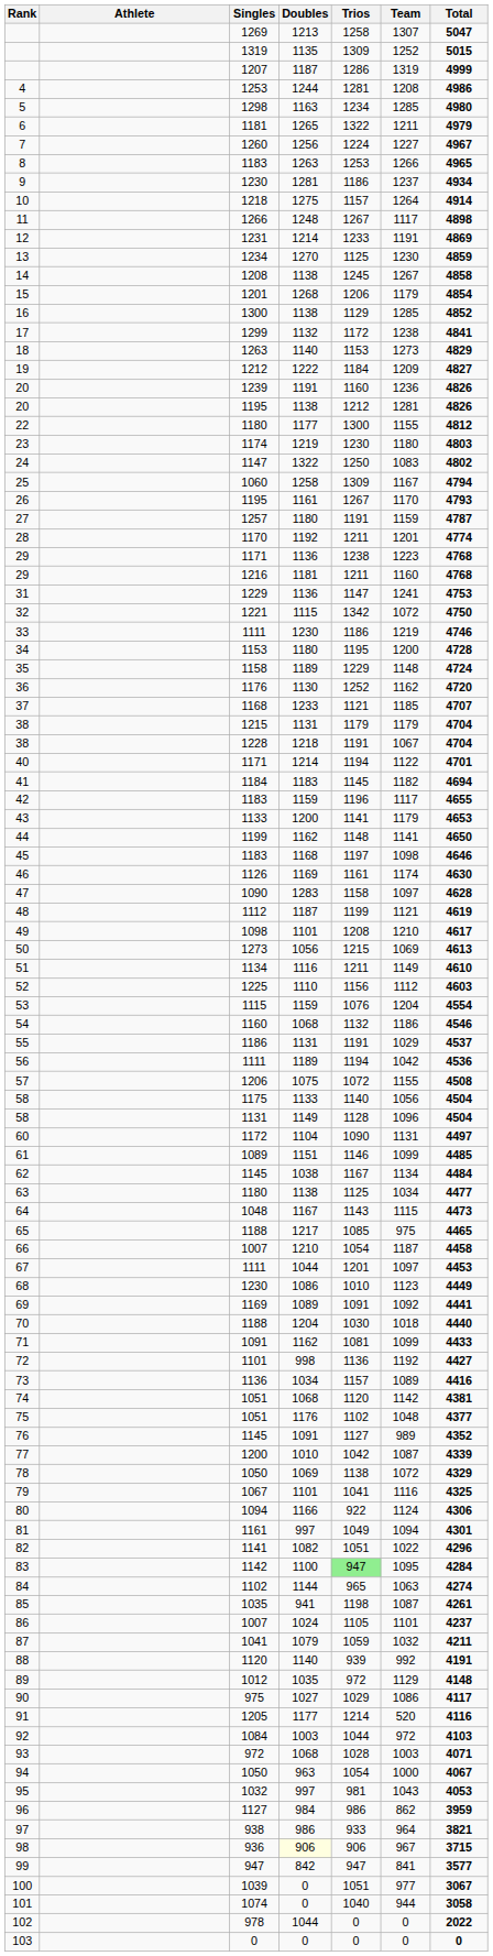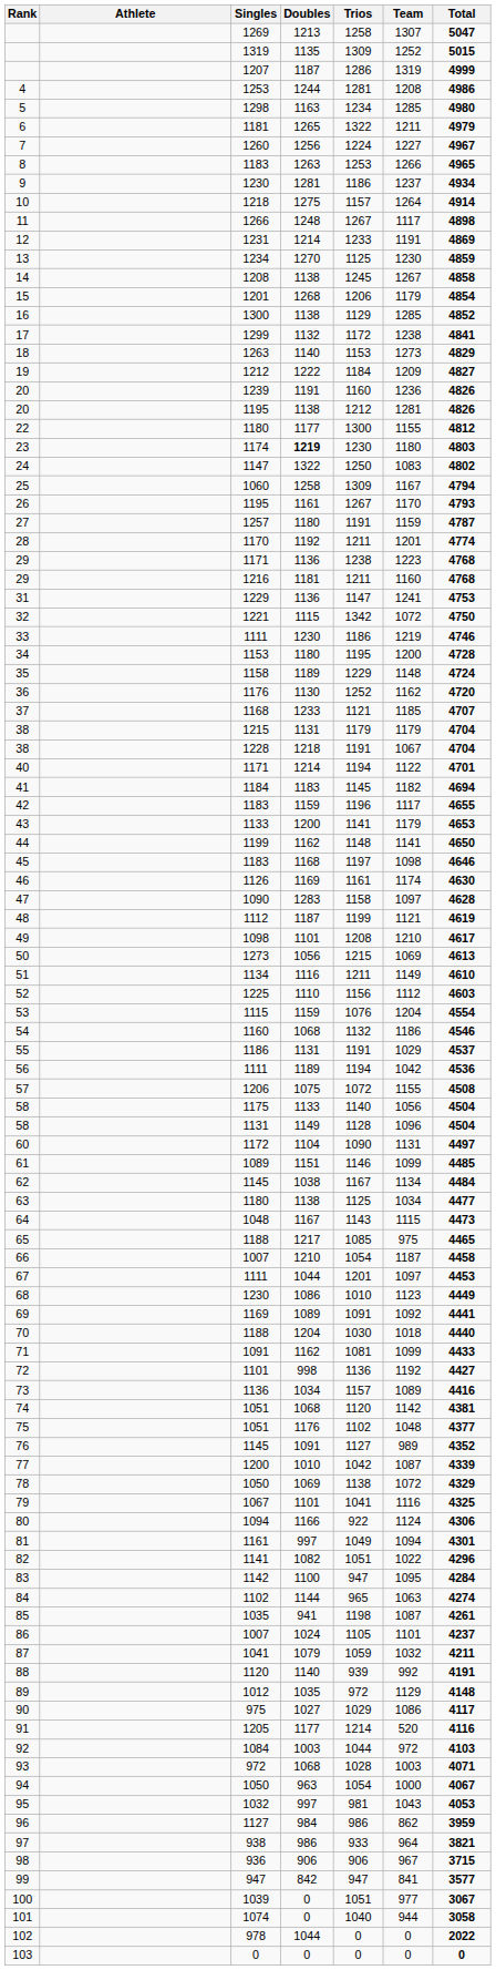 <table class=wikitable style="text-align:center">
 <tr>
 <th width=40>Rank</th>
 <th width=250>Athlete</th>
 <th width=60>Singles</th>
 <th width=60>Doubles</th>
 <th width=60>Trios</th>
 <th width=60>Team</th>
 <th width=70>Total</th>
 </tr>
 <tr>
 <td></td>
 <td align=left></td>
 <td>1269</td>
 <td>1213</td>
 <td>1258</td>
 <td>1307</td>
 <td><strong>5047</strong></td>
 </tr>
 <tr>
 <td></td>
 <td align=left></td>
 <td>1319</td>
 <td>1135</td>
 <td>1309</td>
 <td>1252</td>
 <td><strong>5015</strong></td>
 </tr>
 <tr>
 <td></td>
 <td align=left></td>
 <td>1207</td>
 <td>1187</td>
 <td>1286</td>
 <td>1319</td>
 <td><strong>4999</strong></td>
 </tr>
 <tr>
 <td>4</td>
 <td align=left></td>
 <td>1253</td>
 <td>1244</td>
 <td>1281</td>
 <td>1208</td>
 <td><strong>4986</strong></td>
 </tr>
 <tr>
 <td>5</td>
 <td align=left></td>
 <td>1298</td>
 <td>1163</td>
 <td>1234</td>
 <td>1285</td>
 <td><strong>4980</strong></td>
 </tr>
 <tr>
 <td>6</td>
 <td align=left></td>
 <td>1181</td>
 <td>1265</td>
 <td>1322</td>
 <td>1211</td>
 <td><strong>4979</strong></td>
 </tr>
 <tr>
 <td>7</td>
 <td align=left></td>
 <td>1260</td>
 <td>1256</td>
 <td>1224</td>
 <td>1227</td>
 <td><strong>4967</strong></td>
 </tr>
 <tr>
 <td>8</td>
 <td align=left></td>
 <td>1183</td>
 <td>1263</td>
 <td>1253</td>
 <td>1266</td>
 <td><strong>4965</strong></td>
 </tr>
 <tr>
 <td>9</td>
 <td align=left></td>
 <td>1230</td>
 <td>1281</td>
 <td>1186</td>
 <td>1237</td>
 <td><strong>4934</strong></td>
 </tr>
 <tr>
 <td>10</td>
 <td align=left></td>
 <td>1218</td>
 <td>1275</td>
 <td>1157</td>
 <td>1264</td>
 <td><strong>4914</strong></td>
 </tr>
 <tr>
 <td>11</td>
 <td align=left></td>
 <td>1266</td>
 <td>1248</td>
 <td>1267</td>
 <td>1117</td>
 <td><strong>4898</strong></td>
 </tr>
 <tr>
 <td>12</td>
 <td align=left></td>
 <td>1231</td>
 <td>1214</td>
 <td>1233</td>
 <td>1191</td>
 <td><strong>4869</strong></td>
 </tr>
 <tr>
 <td>13</td>
 <td align=left></td>
 <td>1234</td>
 <td>1270</td>
 <td>1125</td>
 <td>1230</td>
 <td><strong>4859</strong></td>
 </tr>
 <tr>
 <td>14</td>
 <td align=left></td>
 <td>1208</td>
 <td>1138</td>
 <td>1245</td>
 <td>1267</td>
 <td><strong>4858</strong></td>
 </tr>
 <tr>
 <td>15</td>
 <td align=left></td>
 <td>1201</td>
 <td>1268</td>
 <td>1206</td>
 <td>1179</td>
 <td><strong>4854</strong></td>
 </tr>
 <tr>
 <td>16</td>
 <td align=left></td>
 <td>1300</td>
 <td>1138</td>
 <td>1129</td>
 <td>1285</td>
 <td><strong>4852</strong></td>
 </tr>
 <tr>
 <td>17</td>
 <td align=left></td>
 <td>1299</td>
 <td>1132</td>
 <td>1172</td>
 <td>1238</td>
 <td><strong>4841</strong></td>
 </tr>
 <tr>
 <td>18</td>
 <td align=left></td>
 <td>1263</td>
 <td>1140</td>
 <td>1153</td>
 <td>1273</td>
 <td><strong>4829</strong></td>
 </tr>
 <tr>
 <td>19</td>
 <td align=left></td>
 <td>1212</td>
 <td>1222</td>
 <td>1184</td>
 <td>1209</td>
 <td><strong>4827</strong></td>
 </tr>
 <tr>
 <td>20</td>
 <td align=left></td>
 <td>1239</td>
 <td>1191</td>
 <td>1160</td>
 <td>1236</td>
 <td><strong>4826</strong></td>
 </tr>
 <tr>
 <td>20</td>
 <td align=left></td>
 <td>1195</td>
 <td>1138</td>
 <td>1212</td>
 <td>1281</td>
 <td><strong>4826</strong></td>
 </tr>
 <tr>
 <td>22</td>
 <td align=left></td>
 <td>1180</td>
 <td>1177</td>
 <td>1300</td>
 <td>1155</td>
 <td><strong>4812</strong></td>
 </tr>
 <tr>
 <td>23</td>
 <td align=left></td>
 <td>1174</td>
-<td>1219</td>
+<td><strong>1219</strong></td>
 <td>1230</td>
 <td>1180</td>
 <td><strong>4803</strong></td>
 </tr>
 <tr>
 <td>24</td>
 <td align=left></td>
 <td>1147</td>
 <td>1322</td>
 <td>1250</td>
 <td>1083</td>
 <td><strong>4802</strong></td>
 </tr>
 <tr>
 <td>25</td>
 <td align=left></td>
 <td>1060</td>
 <td>1258</td>
 <td>1309</td>
 <td>1167</td>
 <td><strong>4794</strong></td>
 </tr>
 <tr>
 <td>26</td>
 <td align=left></td>
 <td>1195</td>
 <td>1161</td>
 <td>1267</td>
 <td>1170</td>
 <td><strong>4793</strong></td>
 </tr>
 <tr>
 <td>27</td>
 <td align=left></td>
 <td>1257</td>
 <td>1180</td>
 <td>1191</td>
 <td>1159</td>
 <td><strong>4787</strong></td>
 </tr>
 <tr>
 <td>28</td>
 <td align=left></td>
 <td>1170</td>
 <td>1192</td>
 <td>1211</td>
 <td>1201</td>
 <td><strong>4774</strong></td>
 </tr>
 <tr>
 <td>29</td>
 <td align=left></td>
 <td>1171</td>
 <td>1136</td>
 <td>1238</td>
 <td>1223</td>
 <td><strong>4768</strong></td>
 </tr>
 <tr>
 <td>29</td>
 <td align=left></td>
 <td>1216</td>
 <td>1181</td>
 <td>1211</td>
 <td>1160</td>
 <td><strong>4768</strong></td>
 </tr>
 <tr>
 <td>31</td>
 <td align=left></td>
 <td>1229</td>
 <td>1136</td>
 <td>1147</td>
 <td>1241</td>
 <td><strong>4753</strong></td>
 </tr>
 <tr>
 <td>32</td>
 <td align=left></td>
 <td>1221</td>
 <td>1115</td>
 <td>1342</td>
 <td>1072</td>
 <td><strong>4750</strong></td>
 </tr>
 <tr>
 <td>33</td>
 <td align=left></td>
 <td>1111</td>
 <td>1230</td>
 <td>1186</td>
 <td>1219</td>
 <td><strong>4746</strong></td>
 </tr>
 <tr>
 <td>34</td>
 <td align=left></td>
 <td>1153</td>
 <td>1180</td>
 <td>1195</td>
 <td>1200</td>
 <td><strong>4728</strong></td>
 </tr>
 <tr>
 <td>35</td>
 <td align=left></td>
 <td>1158</td>
 <td>1189</td>
 <td>1229</td>
 <td>1148</td>
 <td><strong>4724</strong></td>
 </tr>
 <tr>
 <td>36</td>
 <td align=left></td>
 <td>1176</td>
 <td>1130</td>
 <td>1252</td>
 <td>1162</td>
 <td><strong>4720</strong></td>
 </tr>
 <tr>
 <td>37</td>
 <td align=left></td>
 <td>1168</td>
 <td>1233</td>
 <td>1121</td>
 <td>1185</td>
 <td><strong>4707</strong></td>
 </tr>
 <tr>
 <td>38</td>
 <td align=left></td>
 <td>1215</td>
 <td>1131</td>
 <td>1179</td>
 <td>1179</td>
 <td><strong>4704</strong></td>
 </tr>
 <tr>
 <td>38</td>
 <td align=left></td>
 <td>1228</td>
 <td>1218</td>
 <td>1191</td>
 <td>1067</td>
 <td><strong>4704</strong></td>
 </tr>
 <tr>
 <td>40</td>
 <td align=left></td>
 <td>1171</td>
 <td>1214</td>
 <td>1194</td>
 <td>1122</td>
 <td><strong>4701</strong></td>
 </tr>
 <tr>
 <td>41</td>
 <td align=left></td>
 <td>1184</td>
 <td>1183</td>
 <td>1145</td>
 <td>1182</td>
 <td><strong>4694</strong></td>
 </tr>
 <tr>
 <td>42</td>
 <td align=left></td>
 <td>1183</td>
 <td>1159</td>
 <td>1196</td>
 <td>1117</td>
 <td><strong>4655</strong></td>
 </tr>
 <tr>
 <td>43</td>
 <td align=left></td>
 <td>1133</td>
 <td>1200</td>
 <td>1141</td>
 <td>1179</td>
 <td><strong>4653</strong></td>
 </tr>
 <tr>
 <td>44</td>
 <td align=left></td>
 <td>1199</td>
 <td>1162</td>
 <td>1148</td>
 <td>1141</td>
 <td><strong>4650</strong></td>
 </tr>
 <tr>
 <td>45</td>
 <td align=left></td>
 <td>1183</td>
 <td>1168</td>
 <td>1197</td>
 <td>1098</td>
 <td><strong>4646</strong></td>
 </tr>
 <tr>
 <td>46</td>
 <td align=left></td>
 <td>1126</td>
 <td>1169</td>
 <td>1161</td>
 <td>1174</td>
 <td><strong>4630</strong></td>
 </tr>
 <tr>
 <td>47</td>
 <td align=left></td>
 <td>1090</td>
 <td>1283</td>
 <td>1158</td>
 <td>1097</td>
 <td><strong>4628</strong></td>
 </tr>
 <tr>
 <td>48</td>
 <td align=left></td>
 <td>1112</td>
 <td>1187</td>
 <td>1199</td>
 <td>1121</td>
 <td><strong>4619</strong></td>
 </tr>
 <tr>
 <td>49</td>
 <td align=left></td>
 <td>1098</td>
 <td>1101</td>
 <td>1208</td>
 <td>1210</td>
 <td><strong>4617</strong></td>
 </tr>
 <tr>
 <td>50</td>
 <td align=left></td>
 <td>1273</td>
 <td>1056</td>
 <td>1215</td>
 <td>1069</td>
 <td><strong>4613</strong></td>
 </tr>
 <tr>
 <td>51</td>
 <td align=left></td>
 <td>1134</td>
 <td>1116</td>
 <td>1211</td>
 <td>1149</td>
 <td><strong>4610</strong></td>
 </tr>
 <tr>
 <td>52</td>
 <td align=left></td>
 <td>1225</td>
 <td>1110</td>
 <td>1156</td>
 <td>1112</td>
 <td><strong>4603</strong></td>
 </tr>
 <tr>
 <td>53</td>
 <td align=left></td>
 <td>1115</td>
 <td>1159</td>
 <td>1076</td>
 <td>1204</td>
 <td><strong>4554</strong></td>
 </tr>
 <tr>
 <td>54</td>
 <td align=left></td>
 <td>1160</td>
 <td>1068</td>
 <td>1132</td>
 <td>1186</td>
 <td><strong>4546</strong></td>
 </tr>
 <tr>
 <td>55</td>
 <td align=left></td>
 <td>1186</td>
 <td>1131</td>
 <td>1191</td>
 <td>1029</td>
 <td><strong>4537</strong></td>
 </tr>
 <tr>
 <td>56</td>
 <td align=left></td>
 <td>1111</td>
 <td>1189</td>
 <td>1194</td>
 <td>1042</td>
 <td><strong>4536</strong></td>
 </tr>
 <tr>
 <td>57</td>
 <td align=left></td>
 <td>1206</td>
 <td>1075</td>
 <td>1072</td>
 <td>1155</td>
 <td><strong>4508</strong></td>
 </tr>
 <tr>
 <td>58</td>
 <td align=left></td>
 <td>1175</td>
 <td>1133</td>
 <td>1140</td>
 <td>1056</td>
 <td><strong>4504</strong></td>
 </tr>
 <tr>
 <td>58</td>
 <td align=left></td>
 <td>1131</td>
 <td>1149</td>
 <td>1128</td>
 <td>1096</td>
 <td><strong>4504</strong></td>
 </tr>
 <tr>
 <td>60</td>
 <td align=left></td>
 <td>1172</td>
 <td>1104</td>
 <td>1090</td>
 <td>1131</td>
 <td><strong>4497</strong></td>
 </tr>
 <tr>
 <td>61</td>
 <td align=left></td>
 <td>1089</td>
 <td>1151</td>
 <td>1146</td>
 <td>1099</td>
 <td><strong>4485</strong></td>
 </tr>
 <tr>
 <td>62</td>
 <td align=left></td>
 <td>1145</td>
 <td>1038</td>
 <td>1167</td>
 <td>1134</td>
 <td><strong>4484</strong></td>
 </tr>
 <tr>
 <td>63</td>
 <td align=left></td>
 <td>1180</td>
 <td>1138</td>
 <td>1125</td>
 <td>1034</td>
 <td><strong>4477</strong></td>
 </tr>
 <tr>
 <td>64</td>
 <td align=left></td>
 <td>1048</td>
 <td>1167</td>
 <td>1143</td>
 <td>1115</td>
 <td><strong>4473</strong></td>
 </tr>
 <tr>
 <td>65</td>
 <td align=left></td>
 <td>1188</td>
 <td>1217</td>
 <td>1085</td>
 <td>975</td>
 <td><strong>4465</strong></td>
 </tr>
 <tr>
 <td>66</td>
 <td align=left></td>
 <td>1007</td>
 <td>1210</td>
 <td>1054</td>
 <td>1187</td>
 <td><strong>4458</strong></td>
 </tr>
 <tr>
 <td>67</td>
 <td align=left></td>
 <td>1111</td>
 <td>1044</td>
 <td>1201</td>
 <td>1097</td>
 <td><strong>4453</strong></td>
 </tr>
 <tr>
 <td>68</td>
 <td align=left></td>
 <td>1230</td>
 <td>1086</td>
 <td>1010</td>
 <td>1123</td>
 <td><strong>4449</strong></td>
 </tr>
 <tr>
 <td>69</td>
 <td align=left></td>
 <td>1169</td>
 <td>1089</td>
 <td>1091</td>
 <td>1092</td>
 <td><strong>4441</strong></td>
 </tr>
 <tr>
 <td>70</td>
 <td align=left></td>
 <td>1188</td>
 <td>1204</td>
 <td>1030</td>
 <td>1018</td>
 <td><strong>4440</strong></td>
 </tr>
 <tr>
 <td>71</td>
 <td align=left></td>
 <td>1091</td>
 <td>1162</td>
 <td>1081</td>
 <td>1099</td>
 <td><strong>4433</strong></td>
 </tr>
 <tr>
 <td>72</td>
 <td align=left></td>
 <td>1101</td>
 <td>998</td>
 <td>1136</td>
 <td>1192</td>
 <td><strong>4427</strong></td>
 </tr>
 <tr>
 <td>73</td>
 <td align=left></td>
 <td>1136</td>
 <td>1034</td>
 <td>1157</td>
 <td>1089</td>
 <td><strong>4416</strong></td>
 </tr>
 <tr>
 <td>74</td>
 <td align=left></td>
 <td>1051</td>
 <td>1068</td>
 <td>1120</td>
 <td>1142</td>
 <td><strong>4381</strong></td>
 </tr>
 <tr>
 <td>75</td>
 <td align=left></td>
 <td>1051</td>
 <td>1176</td>
 <td>1102</td>
 <td>1048</td>
 <td><strong>4377</strong></td>
 </tr>
 <tr>
 <td>76</td>
 <td align=left></td>
 <td>1145</td>
 <td>1091</td>
 <td>1127</td>
 <td>989</td>
 <td><strong>4352</strong></td>
 </tr>
 <tr>
 <td>77</td>
 <td align=left></td>
 <td>1200</td>
 <td>1010</td>
 <td>1042</td>
 <td>1087</td>
 <td><strong>4339</strong></td>
 </tr>
 <tr>
 <td>78</td>
 <td align=left></td>
 <td>1050</td>
 <td>1069</td>
 <td>1138</td>
 <td>1072</td>
 <td><strong>4329</strong></td>
 </tr>
 <tr>
 <td>79</td>
 <td align=left></td>
 <td>1067</td>
 <td>1101</td>
 <td>1041</td>
 <td>1116</td>
 <td><strong>4325</strong></td>
 </tr>
 <tr>
 <td>80</td>
 <td align=left></td>
 <td>1094</td>
 <td>1166</td>
 <td>922</td>
 <td>1124</td>
 <td><strong>4306</strong></td>
 </tr>
 <tr>
 <td>81</td>
 <td align=left></td>
 <td>1161</td>
 <td>997</td>
 <td>1049</td>
 <td>1094</td>
 <td><strong>4301</strong></td>
 </tr>
 <tr>
 <td>82</td>
 <td align=left></td>
 <td>1141</td>
 <td>1082</td>
 <td>1051</td>
 <td>1022</td>
 <td><strong>4296</strong></td>
 </tr>
 <tr>
 <td>83</td>
 <td align=left></td>
 <td>1142</td>
 <td>1100</td>
-<td style="background: lightgreen;">947</td>
+<td>947</td>
 <td>1095</td>
 <td><strong>4284</strong></td>
 </tr>
 <tr>
 <td>84</td>
 <td align=left></td>
 <td>1102</td>
 <td>1144</td>
 <td>965</td>
 <td>1063</td>
 <td><strong>4274</strong></td>
 </tr>
 <tr>
 <td>85</td>
 <td align=left></td>
 <td>1035</td>
 <td>941</td>
 <td>1198</td>
 <td>1087</td>
 <td><strong>4261</strong></td>
 </tr>
 <tr>
 <td>86</td>
 <td align=left></td>
 <td>1007</td>
 <td>1024</td>
 <td>1105</td>
 <td>1101</td>
 <td><strong>4237</strong></td>
 </tr>
 <tr>
 <td>87</td>
 <td align=left></td>
 <td>1041</td>
 <td>1079</td>
 <td>1059</td>
 <td>1032</td>
 <td><strong>4211</strong></td>
 </tr>
 <tr>
 <td>88</td>
 <td align=left></td>
 <td>1120</td>
 <td>1140</td>
 <td>939</td>
 <td>992</td>
 <td><strong>4191</strong></td>
 </tr>
 <tr>
 <td>89</td>
 <td align=left></td>
 <td>1012</td>
 <td>1035</td>
 <td>972</td>
 <td>1129</td>
 <td><strong>4148</strong></td>
 </tr>
 <tr>
 <td>90</td>
 <td align=left></td>
 <td>975</td>
 <td>1027</td>
 <td>1029</td>
 <td>1086</td>
 <td><strong>4117</strong></td>
 </tr>
 <tr>
 <td>91</td>
 <td align=left></td>
 <td>1205</td>
 <td>1177</td>
 <td>1214</td>
 <td>520</td>
 <td><strong>4116</strong></td>
 </tr>
 <tr>
 <td>92</td>
 <td align=left></td>
 <td>1084</td>
 <td>1003</td>
 <td>1044</td>
 <td>972</td>
 <td><strong>4103</strong></td>
 </tr>
 <tr>
 <td>93</td>
 <td align=left></td>
 <td>972</td>
 <td>1068</td>
 <td>1028</td>
 <td>1003</td>
 <td><strong>4071</strong></td>
 </tr>
 <tr>
 <td>94</td>
 <td align=left></td>
 <td>1050</td>
 <td>963</td>
 <td>1054</td>
 <td>1000</td>
 <td><strong>4067</strong></td>
 </tr>
 <tr>
 <td>95</td>
 <td align=left></td>
 <td>1032</td>
 <td>997</td>
 <td>981</td>
 <td>1043</td>
 <td><strong>4053</strong></td>
 </tr>
 <tr>
 <td>96</td>
 <td align=left></td>
 <td>1127</td>
 <td>984</td>
 <td>986</td>
 <td>862</td>
 <td><strong>3959</strong></td>
 </tr>
 <tr>
 <td>97</td>
 <td align=left></td>
 <td>938</td>
 <td>986</td>
 <td>933</td>
 <td>964</td>
 <td><strong>3821</strong></td>
 </tr>
 <tr>
 <td>98</td>
 <td align=left></td>
 <td>936</td>
-<td style="background: lightyellow;">906</td>
+<td>906</td>
 <td>906</td>
 <td>967</td>
 <td><strong>3715</strong></td>
 </tr>
 <tr>
 <td>99</td>
 <td align=left></td>
 <td>947</td>
 <td>842</td>
 <td>947</td>
 <td>841</td>
 <td><strong>3577</strong></td>
 </tr>
 <tr>
 <td>100</td>
 <td align=left></td>
 <td>1039</td>
 <td>0</td>
 <td>1051</td>
 <td>977</td>
 <td><strong>3067</strong></td>
 </tr>
 <tr>
 <td>101</td>
 <td align=left></td>
 <td>1074</td>
 <td>0</td>
 <td>1040</td>
 <td>944</td>
 <td><strong>3058</strong></td>
 </tr>
 <tr>
 <td>102</td>
 <td align=left></td>
 <td>978</td>
 <td>1044</td>
 <td>0</td>
 <td>0</td>
 <td><strong>2022</strong></td>
 </tr>
 <tr>
 <td>103</td>
 <td align=left></td>
 <td>0</td>
 <td>0</td>
 <td>0</td>
 <td>0</td>
 <td><strong>0</strong></td>
 </tr>
 </table>
